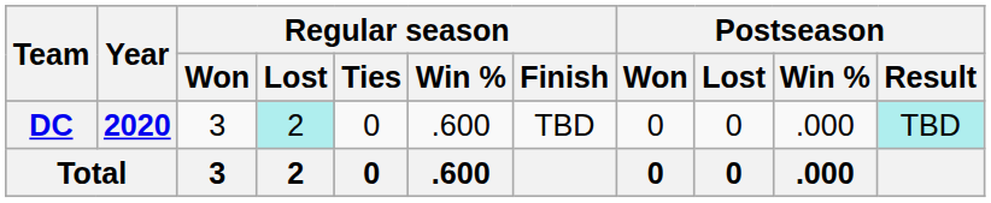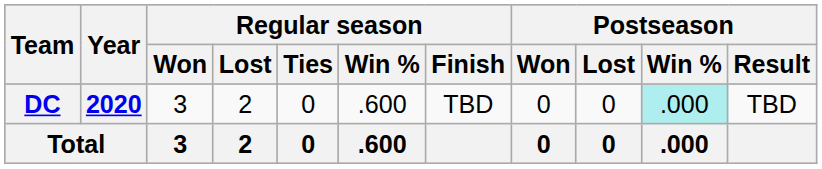 <table class="wikitable" style="font-size: 95%; text-align:center;">
 <tr>
 <th rowspan="2">Team</th>
 <th rowspan="2">Year</th>
 <th colspan="5">Regular season</th>
 <th colspan="4">Postseason</th>
 </tr>
 <tr>
 <th>Won</th>
 <th>Lost</th>
 <th>Ties</th>
 <th>Win %</th>
 <th>Finish</th>
 <th>Won</th>
 <th>Lost</th>
 <th>Win %</th>
 <th>Result</th>
 </tr>
 <tr>
 <th><a href='#'>DC</a></th>
 <th><a href='#'>2020</a></th>
 <td>3</td>
-<td style="background: paleturquoise;">2</td>
+<td>2</td>
 <td>0</td>
 <td>.600</td>
 <td>TBD</td>
 <td>0</td>
 <td>0</td>
-<td>.000</td>
-<td style="background: paleturquoise;">TBD</td>
+<td style="background: paleturquoise;">.000</td>
+<td>TBD</td>
 </tr>
 <tr>
 <th colspan="2">Total</th>
 <th>3</th>
 <th>2</th>
 <th>0</th>
 <th>.600</th>
 <th></th>
 <th>0</th>
 <th>0</th>
 <th>.000</th>
 <th></th>
 </tr>
 </table>
